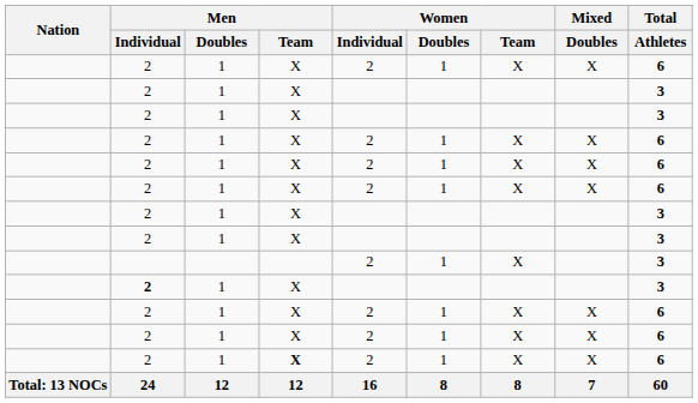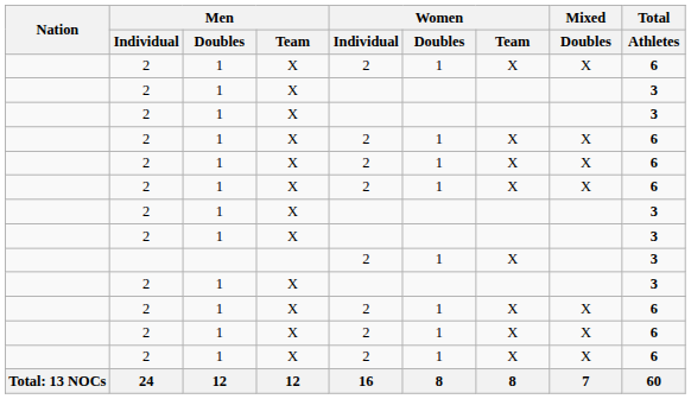 <table class="wikitable" style="text-align:center; font-size:90%">
 <tr>
 <th rowspan="2" align="left">Nation</th>
 <th colspan="3">Men</th>
 <th colspan="3">Women</th>
 <th>Mixed</th>
 <th>Total</th>
 </tr>
 <tr>
 <th width=65>Individual</th>
 <th width=65>Doubles</th>
 <th width=65>Team</th>
 <th width=65>Individual</th>
 <th width=65>Doubles</th>
 <th width=65>Team</th>
 <th width=65>Doubles</th>
 <th width=55>Athletes</th>
 </tr>
 <tr>
 <td align=left></td>
 <td>2</td>
 <td>1</td>
 <td>X</td>
 <td>2</td>
 <td>1</td>
 <td>X</td>
 <td>X</td>
 <td><strong>6</strong></td>
 </tr>
 <tr>
 <td align=left></td>
 <td>2</td>
 <td>1</td>
 <td>X</td>
 <td></td>
 <td></td>
 <td></td>
 <td></td>
 <td><strong>3</strong></td>
 </tr>
 <tr>
 <td align=left></td>
 <td>2</td>
 <td>1</td>
 <td>X</td>
 <td></td>
 <td></td>
 <td></td>
 <td></td>
 <td><strong>3</strong></td>
 </tr>
 <tr>
 <td align=left></td>
 <td>2</td>
 <td>1</td>
 <td>X</td>
 <td>2</td>
 <td>1</td>
 <td>X</td>
 <td>X</td>
 <td><strong>6</strong></td>
 </tr>
 <tr>
 <td align=left></td>
 <td>2</td>
 <td>1</td>
 <td>X</td>
 <td>2</td>
 <td>1</td>
 <td>X</td>
 <td>X</td>
 <td><strong>6</strong></td>
 </tr>
 <tr>
 <td align=left></td>
 <td>2</td>
 <td>1</td>
 <td>X</td>
 <td>2</td>
 <td>1</td>
 <td>X</td>
 <td>X</td>
 <td><strong>6</strong></td>
 </tr>
 <tr>
 <td align=left></td>
 <td>2</td>
 <td>1</td>
 <td>X</td>
 <td></td>
 <td></td>
 <td></td>
 <td></td>
 <td><strong>3</strong></td>
 </tr>
 <tr>
 <td align=left></td>
 <td>2</td>
 <td>1</td>
 <td>X</td>
 <td></td>
 <td></td>
 <td></td>
 <td></td>
 <td><strong>3</strong></td>
 </tr>
 <tr>
 <td align=left></td>
 <td></td>
 <td></td>
 <td></td>
 <td>2</td>
 <td>1</td>
 <td>X</td>
 <td></td>
 <td><strong>3</strong></td>
 </tr>
 <tr>
 <td align=left></td>
-<td><strong>2</strong></td>
+<td>2</td>
 <td>1</td>
 <td>X</td>
 <td></td>
 <td></td>
 <td></td>
 <td></td>
 <td><strong>3</strong></td>
 </tr>
 <tr>
 <td align=left></td>
 <td>2</td>
 <td>1</td>
 <td>X</td>
 <td>2</td>
 <td>1</td>
 <td>X</td>
 <td>X</td>
 <td><strong>6</strong></td>
 </tr>
 <tr>
 <td align=left></td>
 <td>2</td>
 <td>1</td>
 <td>X</td>
 <td>2</td>
 <td>1</td>
 <td>X</td>
 <td>X</td>
 <td><strong>6</strong></td>
 </tr>
 <tr>
 <td align=left></td>
 <td>2</td>
 <td>1</td>
-<td><strong>X</strong></td>
+<td>X</td>
 <td>2</td>
 <td>1</td>
 <td>X</td>
 <td>X</td>
 <td><strong>6</strong></td>
 </tr>
 <tr>
 <th>Total: 13 NOCs</th>
 <th>24</th>
 <th>12</th>
 <th>12</th>
 <th>16</th>
 <th>8</th>
 <th>8</th>
 <th>7</th>
 <th>60</th>
 </tr>
 </table>
